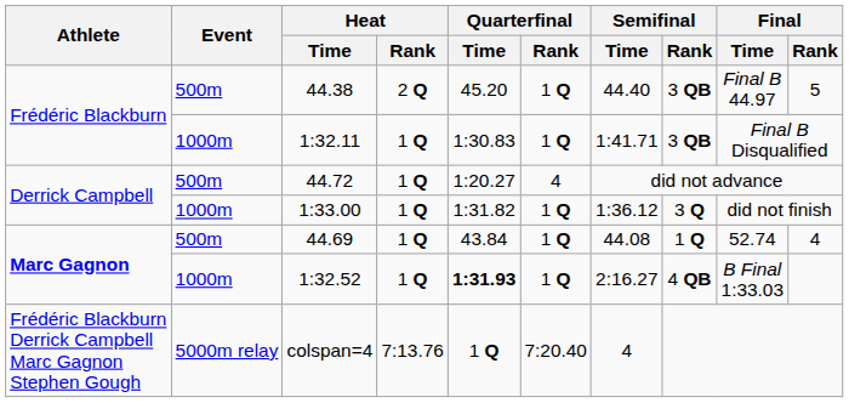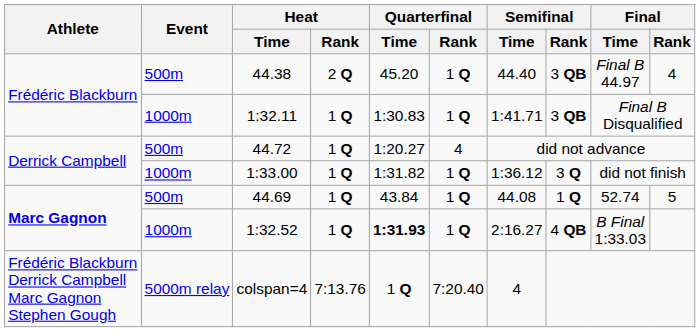 <table class="wikitable" style="font-size:90%">
 <tr>
 <th rowspan="2">Athlete</th>
 <th rowspan="2">Event</th>
 <th colspan="2">Heat</th>
 <th colspan="2">Quarterfinal</th>
 <th colspan="2">Semifinal</th>
 <th colspan="2">Final</th>
 </tr>
 <tr>
 <th>Time</th>
 <th>Rank</th>
 <th>Time</th>
 <th>Rank</th>
 <th>Time</th>
 <th>Rank</th>
 <th>Time</th>
 <th>Rank</th>
 </tr>
 <tr align="center">
 <td align="left" rowspan=2><a href='#'>Frédéric Blackburn</a></td>
 <td align="left"><a href='#'>500m</a></td>
 <td>44.38</td>
 <td>2 <strong>Q</strong></td>
 <td>45.20</td>
 <td>1 <strong>Q</strong></td>
 <td>44.40</td>
 <td>3 <strong>QB</strong></td>
 <td><em>Final B</em> <br> 44.97</td>
-<td>5</td>
+<td>4</td>
 </tr>
 <tr align="center">
 <td align="left"><a href='#'>1000m</a></td>
 <td>1:32.11</td>
 <td>1 <strong>Q</strong></td>
 <td>1:30.83</td>
 <td>1 <strong>Q</strong></td>
 <td>1:41.71</td>
 <td>3 <strong>QB</strong></td>
 <td colspan=2><em>Final B</em> <br> Disqualified</td>
 </tr>
 <tr align="center">
 <td align="left" rowspan=2><a href='#'>Derrick Campbell</a></td>
 <td align="left"><a href='#'>500m</a></td>
 <td>44.72</td>
 <td>1 <strong>Q</strong></td>
 <td>1:20.27</td>
 <td>4</td>
 <td colspan=4>did not advance</td>
 </tr>
 <tr align="center">
 <td align="left"><a href='#'>1000m</a></td>
 <td>1:33.00</td>
 <td>1 <strong>Q</strong></td>
 <td>1:31.82</td>
 <td>1 <strong>Q</strong></td>
 <td>1:36.12</td>
 <td>3 <strong>Q</strong></td>
 <td colspan=2>did not finish</td>
 </tr>
 <tr align="center">
 <td align="left" rowspan=2><strong><a href='#'>Marc Gagnon</a></strong></td>
 <td align="left"><a href='#'>500m</a></td>
 <td>44.69 </td>
 <td>1 <strong>Q</strong></td>
 <td>43.84 </td>
 <td>1 <strong>Q</strong></td>
 <td>44.08</td>
 <td>1 <strong>Q</strong></td>
 <td>52.74</td>
-<td>4</td>
+<td>5</td>
 </tr>
 <tr align="center">
 <td align="left"><a href='#'>1000m</a></td>
 <td>1:32.52</td>
 <td>1 <strong>Q</strong></td>
 <td><strong>1:31.93</strong></td>
 <td>1 <strong>Q</strong></td>
 <td>2:16.27</td>
 <td>4 <strong>QB</strong></td>
 <td><em>B Final</em> <br> 1:33.03</td>
 <td></td>
 </tr>
 <tr align="center">
 <td align="left" rowspan=2><a href='#'>Frédéric Blackburn</a> <br> <a href='#'>Derrick Campbell</a> <br> <a href='#'>Marc Gagnon</a> <br> <a href='#'>Stephen Gough</a></td>
 <td align="left"><a href='#'>5000m relay</a></td>
 <td>colspan=4 </td>
 <td>7:13.76</td>
 <td>1 <strong>Q</strong></td>
 <td>7:20.40</td>
 <td>4</td>
 </tr>
 </table>
